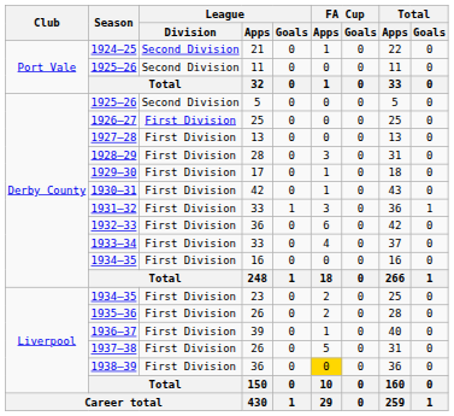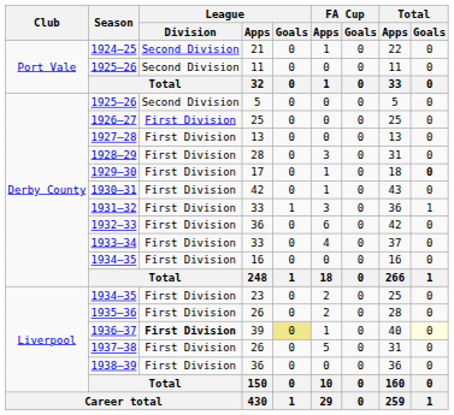 <table class="wikitable" style="text-align: center;">
 <tr>
 <th rowspan="2">Club</th>
 <th rowspan="2">Season</th>
 <th colspan="3">League</th>
 <th colspan="2">FA Cup</th>
 <th colspan="2">Total</th>
 </tr>
 <tr>
 <th>Division</th>
 <th>Apps</th>
 <th>Goals</th>
 <th>Apps</th>
 <th>Goals</th>
 <th>Apps</th>
 <th>Goals</th>
 </tr>
 <tr>
 <td rowspan="3"><a href='#'>Port Vale</a></td>
 <td><a href='#'>1924–25</a></td>
 <td><a href='#'>Second Division</a></td>
 <td>21</td>
 <td>0</td>
 <td>1</td>
 <td>0</td>
 <td>22</td>
 <td>0</td>
 </tr>
 <tr>
 <td><a href='#'>1925–26</a></td>
 <td>Second Division</td>
 <td>11</td>
 <td>0</td>
 <td>0</td>
 <td>0</td>
 <td>11</td>
 <td>0</td>
 </tr>
 <tr>
 <th colspan="2">Total</th>
 <th>32</th>
 <th>0</th>
 <th>1</th>
 <th>0</th>
 <th>33</th>
 <th>0</th>
 </tr>
 <tr>
 <td rowspan="11"><a href='#'>Derby County</a></td>
 <td><a href='#'>1925–26</a></td>
 <td>Second Division</td>
 <td>5</td>
 <td>0</td>
 <td>0</td>
 <td>0</td>
 <td>5</td>
 <td>0</td>
 </tr>
 <tr>
 <td><a href='#'>1926–27</a></td>
 <td><a href='#'>First Division</a></td>
 <td>25</td>
 <td>0</td>
 <td>0</td>
 <td>0</td>
 <td>25</td>
 <td>0</td>
 </tr>
 <tr>
 <td><a href='#'>1927–28</a></td>
 <td>First Division</td>
 <td>13</td>
 <td>0</td>
 <td>0</td>
 <td>0</td>
 <td>13</td>
 <td>0</td>
 </tr>
 <tr>
 <td><a href='#'>1928–29</a></td>
 <td>First Division</td>
 <td>28</td>
 <td>0</td>
 <td>3</td>
 <td>0</td>
 <td>31</td>
 <td>0</td>
 </tr>
 <tr>
 <td><a href='#'>1929–30</a></td>
 <td>First Division</td>
 <td>17</td>
 <td>0</td>
 <td>1</td>
 <td>0</td>
 <td>18</td>
-<td>0</td>
+<td><strong>0</strong></td>
 </tr>
 <tr>
 <td><a href='#'>1930–31</a></td>
 <td>First Division</td>
 <td>42</td>
 <td>0</td>
 <td>1</td>
 <td>0</td>
 <td>43</td>
 <td>0</td>
 </tr>
 <tr>
 <td><a href='#'>1931–32</a></td>
 <td>First Division</td>
 <td>33</td>
 <td>1</td>
 <td>3</td>
 <td>0</td>
 <td>36</td>
 <td>1</td>
 </tr>
 <tr>
 <td><a href='#'>1932–33</a></td>
 <td>First Division</td>
 <td>36</td>
 <td>0</td>
 <td>6</td>
 <td>0</td>
 <td>42</td>
 <td>0</td>
 </tr>
 <tr>
 <td><a href='#'>1933–34</a></td>
 <td>First Division</td>
 <td>33</td>
 <td>0</td>
 <td>4</td>
 <td>0</td>
 <td>37</td>
 <td>0</td>
 </tr>
 <tr>
 <td><a href='#'>1934–35</a></td>
 <td>First Division</td>
 <td>16</td>
 <td>0</td>
 <td>0</td>
 <td>0</td>
 <td>16</td>
 <td>0</td>
 </tr>
 <tr>
 <th colspan="2">Total</th>
 <th>248</th>
 <th>1</th>
 <th>18</th>
 <th>0</th>
 <th>266</th>
 <th>1</th>
 </tr>
 <tr>
 <td rowspan="6"><a href='#'>Liverpool</a></td>
 <td><a href='#'>1934–35</a></td>
 <td>First Division</td>
 <td>23</td>
 <td>0</td>
 <td>2</td>
 <td>0</td>
 <td>25</td>
 <td>0</td>
 </tr>
 <tr>
 <td><a href='#'>1935–36</a></td>
 <td>First Division</td>
 <td>26</td>
 <td>0</td>
 <td>2</td>
 <td>0</td>
 <td>28</td>
 <td>0</td>
 </tr>
 <tr>
 <td><a href='#'>1936–37</a></td>
-<td>First Division</td>
+<td><strong>First Division</strong></td>
 <td>39</td>
-<td>0</td>
+<td style="background: khaki;">0</td>
 <td>1</td>
 <td>0</td>
 <td>40</td>
-<td>0</td>
+<td style="background: lightyellow;">0</td>
 </tr>
 <tr>
 <td><a href='#'>1937–38</a></td>
 <td>First Division</td>
 <td>26</td>
 <td>0</td>
 <td>5</td>
 <td>0</td>
 <td>31</td>
 <td>0</td>
 </tr>
 <tr>
 <td><a href='#'>1938–39</a></td>
 <td>First Division</td>
 <td>36</td>
 <td>0</td>
-<td style="background: gold;">0</td>
+<td>0</td>
 <td>0</td>
 <td>36</td>
 <td>0</td>
 </tr>
 <tr>
 <th colspan="2">Total</th>
 <th>150</th>
 <th>0</th>
 <th>10</th>
 <th>0</th>
 <th>160</th>
 <th>0</th>
 </tr>
 <tr>
 <th colspan="3">Career total</th>
 <th>430</th>
 <th>1</th>
 <th>29</th>
 <th>0</th>
 <th>259</th>
 <th>1</th>
 </tr>
 </table>
